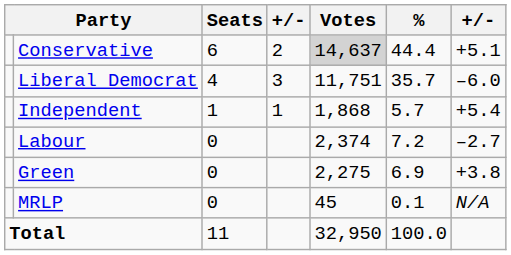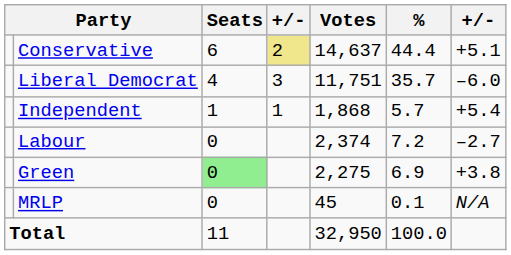 <table class="wikitable sortable">
 <tr>
 <th colspan="2">Party</th>
 <th>Seats</th>
 <th>+/-</th>
 <th>Votes</th>
 <th>%</th>
 <th>+/-</th>
 </tr>
 <tr>
 <td style="background-color: "></td>
 <td><a href='#'>Conservative</a></td>
 <td>6</td>
-<td> 2</td>
-<td style="background: lightgrey;">14,637</td>
+<td style="background: khaki;"> 2</td>
+<td>14,637</td>
 <td>44.4</td>
 <td>+5.1</td>
 </tr>
 <tr>
 <td style="background-color: "></td>
 <td><a href='#'>Liberal Democrat</a></td>
 <td>4</td>
 <td> 3</td>
 <td>11,751</td>
 <td>35.7</td>
 <td>–6.0</td>
 </tr>
 <tr>
 <td style="background-color: "></td>
 <td><a href='#'>Independent</a></td>
 <td>1</td>
 <td> 1</td>
 <td>1,868</td>
 <td>5.7</td>
 <td>+5.4</td>
 </tr>
 <tr>
 <td style="background-color: "></td>
 <td><a href='#'>Labour</a></td>
 <td>0</td>
 <td></td>
 <td>2,374</td>
 <td>7.2</td>
 <td>–2.7</td>
 </tr>
 <tr>
 <td style="background-color: "></td>
 <td><a href='#'>Green</a></td>
-<td>0</td>
+<td style="background: lightgreen;">0</td>
 <td></td>
 <td>2,275</td>
 <td>6.9</td>
 <td>+3.8</td>
 </tr>
 <tr>
 <td style="background-color: "></td>
 <td><a href='#'>MRLP</a></td>
 <td>0</td>
 <td></td>
 <td>45</td>
 <td>0.1</td>
 <td><em>N/A</em></td>
 </tr>
 <tr>
 <td colspan="2"><strong>Total</strong></td>
 <td>11</td>
 <td></td>
 <td>32,950</td>
 <td>100.0</td>
 <td></td>
 </tr>
 </table>
